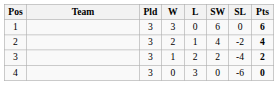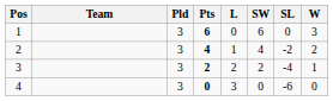 <table class="wikitable" style="text-align: center;">
 <tr>
 <th width="30">Pos</th>
 <th width="180">Team</th>
 <th width="30">Pld</th>
-<th width="30">W</th>
+<th width="30">Pts</th>
 <th width="30">L</th>
 <th width="30">SW</th>
 <th width="30">SL</th>
-<th width="30">Pts</th>
+<th width="30">W</th>
 </tr>
 <tr>
 <td>1</td>
 <td align="left"></td>
 <td>3</td>
-<td>3</td>
+<td><strong>6</strong></td>
 <td>0</td>
 <td>6</td>
 <td>0</td>
-<td><strong>6</strong></td>
+<td>3</td>
 </tr>
 <tr>
 <td>2</td>
 <td align="left"></td>
 <td>3</td>
-<td>2</td>
+<td><strong>4</strong></td>
 <td>1</td>
 <td>4</td>
 <td>-2</td>
-<td><strong>4</strong></td>
+<td>2</td>
 </tr>
 <tr>
 <td>3</td>
 <td align="left"></td>
 <td>3</td>
-<td>1</td>
+<td><strong>2</strong></td>
 <td>2</td>
 <td>2</td>
 <td>-4</td>
-<td><strong>2</strong></td>
+<td>1</td>
 </tr>
 <tr>
 <td>4</td>
 <td align="left"></td>
 <td>3</td>
-<td>0</td>
+<td><strong>0</strong></td>
 <td>3</td>
 <td>0</td>
 <td>-6</td>
-<td><strong>0</strong></td>
+<td>0</td>
 </tr>
 </table>
